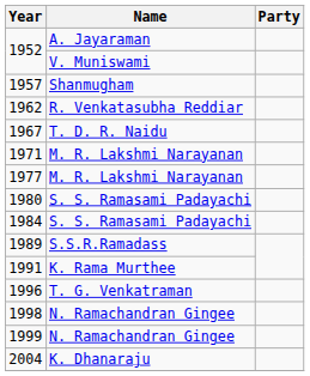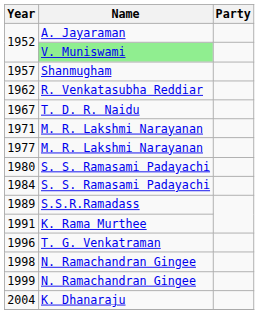 <table class="wikitable sortable">
 <tr>
 <th>Year</th>
 <th>Name</th>
 <th colspan=2>Party</th>
 </tr>
 <tr>
 <td rowspan="2">1952</td>
 <td><a href='#'>A. Jayaraman</a></td>
 <td></td>
 </tr>
 <tr>
-<td><a href='#'>V. Muniswami</a></td>
+<td style="background: lightgreen;"><a href='#'>V. Muniswami</a></td>
 </tr>
 <tr>
 <td>1957</td>
 <td><a href='#'>Shanmugham</a></td>
 <td></td>
 </tr>
 <tr>
 <td>1962</td>
 <td><a href='#'>R. Venkatasubha Reddiar</a></td>
 <td></td>
 </tr>
 <tr>
 <td>1967</td>
 <td><a href='#'>T. D. R. Naidu</a></td>
 <td></td>
 </tr>
 <tr>
 <td>1971</td>
 <td><a href='#'>M. R. Lakshmi Narayanan</a></td>
 <td></td>
 </tr>
 <tr>
 <td>1977</td>
 <td><a href='#'>M. R. Lakshmi Narayanan</a></td>
 </tr>
 <tr>
 <td>1980</td>
 <td><a href='#'>S. S. Ramasami Padayachi</a></td>
 <td></td>
 </tr>
 <tr>
 <td>1984</td>
 <td><a href='#'>S. S. Ramasami Padayachi</a></td>
 <td></td>
 </tr>
 <tr>
 <td>1989</td>
 <td><a href='#'>S.S.R.Ramadass</a></td>
 </tr>
 <tr>
 <td>1991</td>
 <td><a href='#'>K. Rama Murthee</a></td>
 </tr>
 <tr>
 <td>1996</td>
 <td><a href='#'>T. G. Venkatraman</a></td>
 <td></td>
 </tr>
 <tr>
 <td>1998</td>
 <td><a href='#'>N. Ramachandran Gingee</a></td>
 <td></td>
 </tr>
 <tr>
 <td>1999</td>
 <td><a href='#'>N. Ramachandran Gingee</a></td>
 </tr>
 <tr>
 <td>2004</td>
 <td><a href='#'>K. Dhanaraju</a></td>
 <td></td>
 </tr>
 <tr>
 </tr>
 </table>
